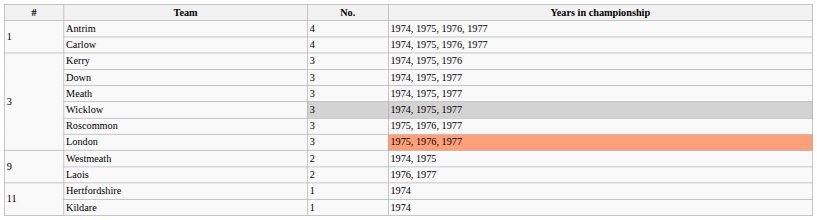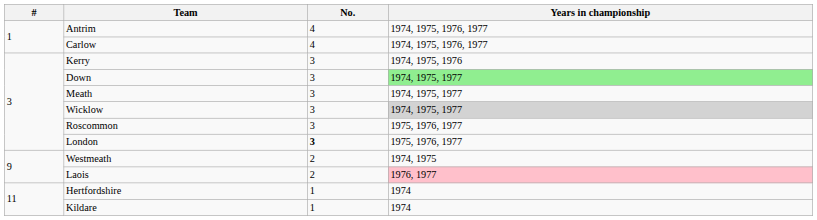 <table class="wikitable" width="100%">
 <tr>
 <th>#</th>
 <th>Team</th>
 <th>No.</th>
 <th>Years in championship</th>
 </tr>
 <tr>
 <td rowspan="2">1</td>
 <td>Antrim</td>
 <td>4</td>
 <td>1974, 1975, 1976, 1977</td>
 </tr>
 <tr>
 <td>Carlow</td>
 <td>4</td>
 <td>1974, 1975, 1976, 1977</td>
 </tr>
 <tr>
 <td rowspan="6">3</td>
 <td>Kerry</td>
 <td>3</td>
 <td>1974, 1975, 1976</td>
 </tr>
 <tr>
 <td>Down</td>
 <td>3</td>
-<td>1974, 1975, 1977</td>
+<td style="background: lightgreen;">1974, 1975, 1977</td>
 </tr>
 <tr>
 <td>Meath</td>
 <td>3</td>
 <td>1974, 1975, 1977</td>
 </tr>
 <tr>
 <td>Wicklow</td>
-<td style="background: lightgrey;">3</td>
+<td>3</td>
 <td style="background: lightgrey;">1974, 1975, 1977</td>
 </tr>
 <tr>
 <td>Roscommon</td>
 <td>3</td>
 <td>1975, 1976, 1977</td>
 </tr>
 <tr>
 <td>London</td>
-<td>3</td>
-<td style="background: lightsalmon;">1975, 1976, 1977</td>
+<td><strong>3</strong></td>
+<td>1975, 1976, 1977</td>
 </tr>
 <tr>
 <td rowspan="2">9</td>
 <td>Westmeath</td>
 <td>2</td>
 <td>1974, 1975</td>
 </tr>
 <tr>
 <td>Laois</td>
 <td>2</td>
-<td>1976, 1977</td>
+<td style="background: pink;">1976, 1977</td>
 </tr>
 <tr>
 <td rowspan="2">11</td>
 <td>Hertfordshire</td>
 <td>1</td>
 <td>1974</td>
 </tr>
 <tr>
 <td>Kildare</td>
 <td>1</td>
 <td>1974</td>
 </tr>
 </table>
